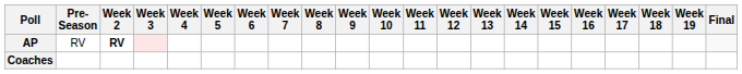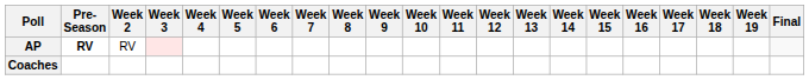 <table class="wikitable" style="white-space:nowrap;font-size:90%">
 <tr>
 <th>Poll</th>
 <th>Pre-<br>Season</th>
 <th>Week<br>2</th>
 <th>Week<br>3</th>
 <th>Week<br>4</th>
 <th>Week<br>5</th>
 <th>Week<br>6</th>
 <th>Week<br>7</th>
 <th>Week<br>8</th>
 <th>Week<br>9</th>
 <th>Week<br>10</th>
 <th>Week<br>11</th>
 <th>Week<br>12</th>
 <th>Week<br>13</th>
 <th>Week<br>14</th>
 <th>Week<br>15</th>
 <th>Week<br>16</th>
 <th>Week<br>17</th>
 <th>Week<br>18</th>
 <th>Week<br>19</th>
 <th>Final</th>
 </tr>
 <tr style="text-align:center;">
 <th>AP</th>
+<td style="background:#FFF;"><strong>RV</strong></td>
 <td style="background:#FFF;">RV</td>
-<td style="background:#FFF;"><strong>RV</strong></td>
 <td style="background:#FFE6E6;"></td>
 <td style="background:#FFF;"></td>
 <td style="background:#FFF;"></td>
 <td style="background:#FFF;"></td>
 <td style="background:#FFF;"></td>
 <td style="background:#FFF;"></td>
 <td style="background:#FFF;"></td>
 <td style="background:#FFF;"></td>
 <td style="background:#FFF;"></td>
 <td style="background:#FFF;"></td>
 <td style="background:#FFF;"></td>
 <td style="background:#FFF;"></td>
 <td style="background:#FFF;"></td>
 <td style="background:#FFF;"></td>
 <td style="background:#FFF;"></td>
 <td style="background:#FFF;"></td>
 <td style="background:#FFF;"></td>
 </tr>
 <tr style="text-align:center;">
 <th>Coaches</th>
 <td style="background:#FFF;"></td>
 <td style="background:#FFF;"></td>
 <td style="background:#FFF;"></td>
 <td style="background:#FFF;"></td>
 <td style="background:#FFF;"></td>
 <td style="background:#FFF;"></td>
 <td style="background:#FFF;"></td>
 <td style="background:#FFF;"></td>
 <td style="background:#FFF;"></td>
 <td style="background:#FFF;"></td>
 <td style="background:#FFF;"></td>
 <td style="background:#FFF;"></td>
 <td style="background:#FFF;"></td>
 <td style="background:#FFF;"></td>
 <td style="background:#FFF;"></td>
 <td style="background:#FFF;"></td>
 <td style="background:#FFF;"></td>
 <td style="background:#FFF;"></td>
 <td style="background:#FFF;"></td>
 <td style="background:#FFF;"></td>
 </tr>
 </table>
